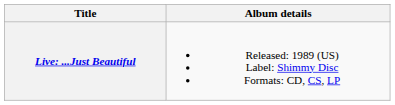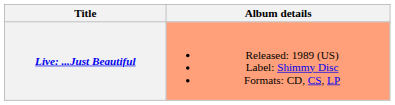 <table class="wikitable plainrowheaders" style="text-align:center;">
 <tr>
 <th scope="col" rowspan="1" style="width:14em;">Title</th>
 <th scope="col" rowspan="1" style="width:19.5em;">Album details</th>
 </tr>
 <tr>
 <th scope="row"><em><a href='#'>Live: ...Just Beautiful</a></em></th>
-<td><br><ul><li>Released: 1989 <span>(US)</span></li><li>Label: <a href='#'>Shimmy Disc</a></li><li>Formats: CD, <a href='#'>CS</a>, <a href='#'>LP</a></li></ul></td>
+<td style="background: lightsalmon;"><br><ul><li>Released: 1989 <span>(US)</span></li><li>Label: <a href='#'>Shimmy Disc</a></li><li>Formats: CD, <a href='#'>CS</a>, <a href='#'>LP</a></li></ul></td>
 </tr>
 </table>
